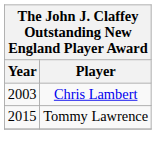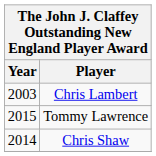 <table class="wikitable" style="display: inline-table; margin-right: 20px; text-align:center">
 <tr>
 <th scope="col" colspan="2" style="width: 145px;">The John J. Claffey Outstanding New England Player Award</th>
 </tr>
 <tr>
 <th scope="col">Year</th>
 <th scope="col">Player</th>
 </tr>
 <tr>
 <td>2003</td>
 <td><a href='#'>Chris Lambert</a></td>
 </tr>
 <tr>
 <td>2015</td>
 <td>Tommy Lawrence</td>
 </tr>
 <tr>
+<td>2014</td>
+<td><a href='#'>Chris Shaw</a></td>
+</tr>
+<tr>
 </tr>
 </table>
